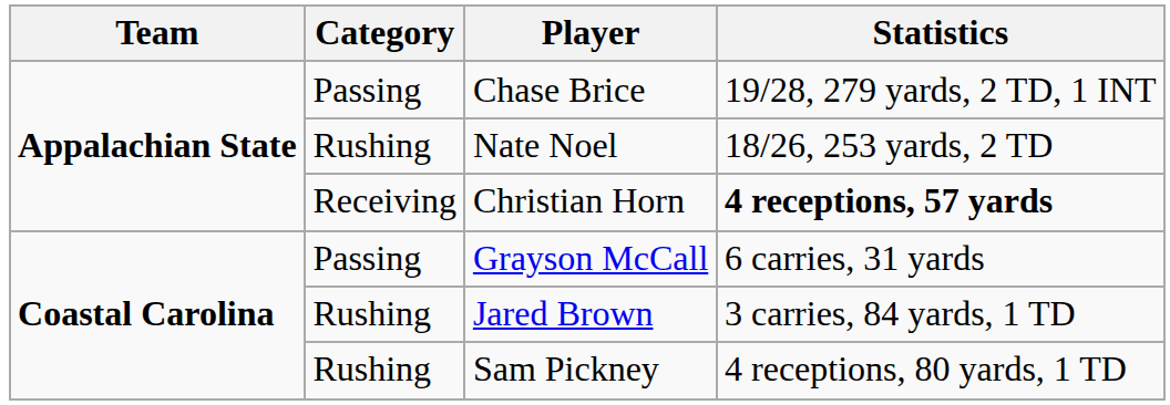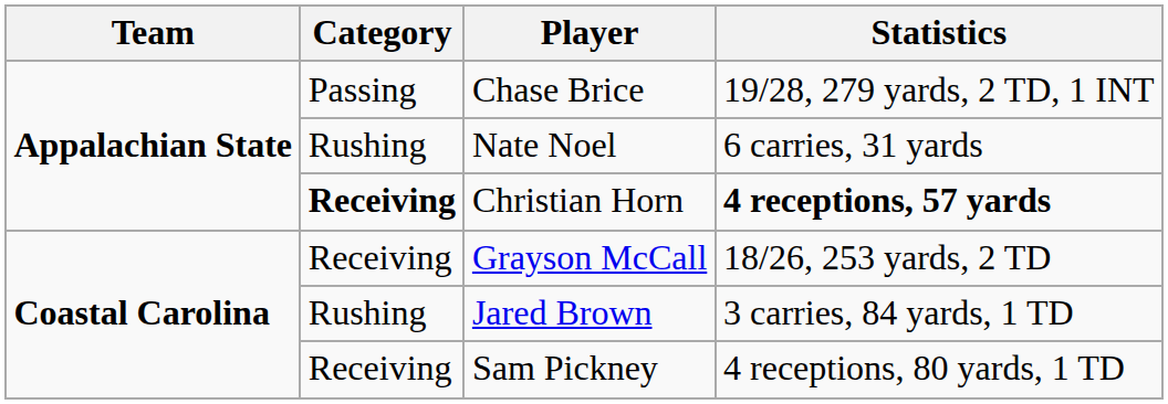 <table class="wikitable" style="float: right;">
 <tr>
 <th>Team</th>
 <th>Category</th>
 <th>Player</th>
 <th>Statistics</th>
 </tr>
 <tr>
 <td rowspan=3><strong>Appalachian State</strong></td>
 <td>Passing</td>
 <td>Chase Brice</td>
 <td>19/28, 279 yards, 2 TD, 1 INT</td>
 </tr>
 <tr>
 <td>Rushing</td>
 <td>Nate Noel</td>
-<td>18/26, 253 yards, 2 TD</td>
+<td>6 carries, 31 yards</td>
 </tr>
 <tr>
-<td>Receiving</td>
+<td><strong>Receiving</strong></td>
 <td>Christian Horn</td>
 <td><strong>4 receptions, 57 yards</strong></td>
 </tr>
 <tr>
 <td rowspan=3><strong>Coastal Carolina</strong></td>
-<td>Passing</td>
+<td>Receiving</td>
 <td><a href='#'>Grayson McCall</a></td>
-<td>6 carries, 31 yards</td>
+<td>18/26, 253 yards, 2 TD</td>
 </tr>
 <tr>
 <td>Rushing</td>
 <td><a href='#'>Jared Brown</a></td>
 <td>3 carries, 84 yards, 1 TD</td>
 </tr>
 <tr>
-<td>Rushing</td>
+<td>Receiving</td>
 <td>Sam Pickney</td>
 <td>4 receptions, 80 yards, 1 TD</td>
 </tr>
 </table>
